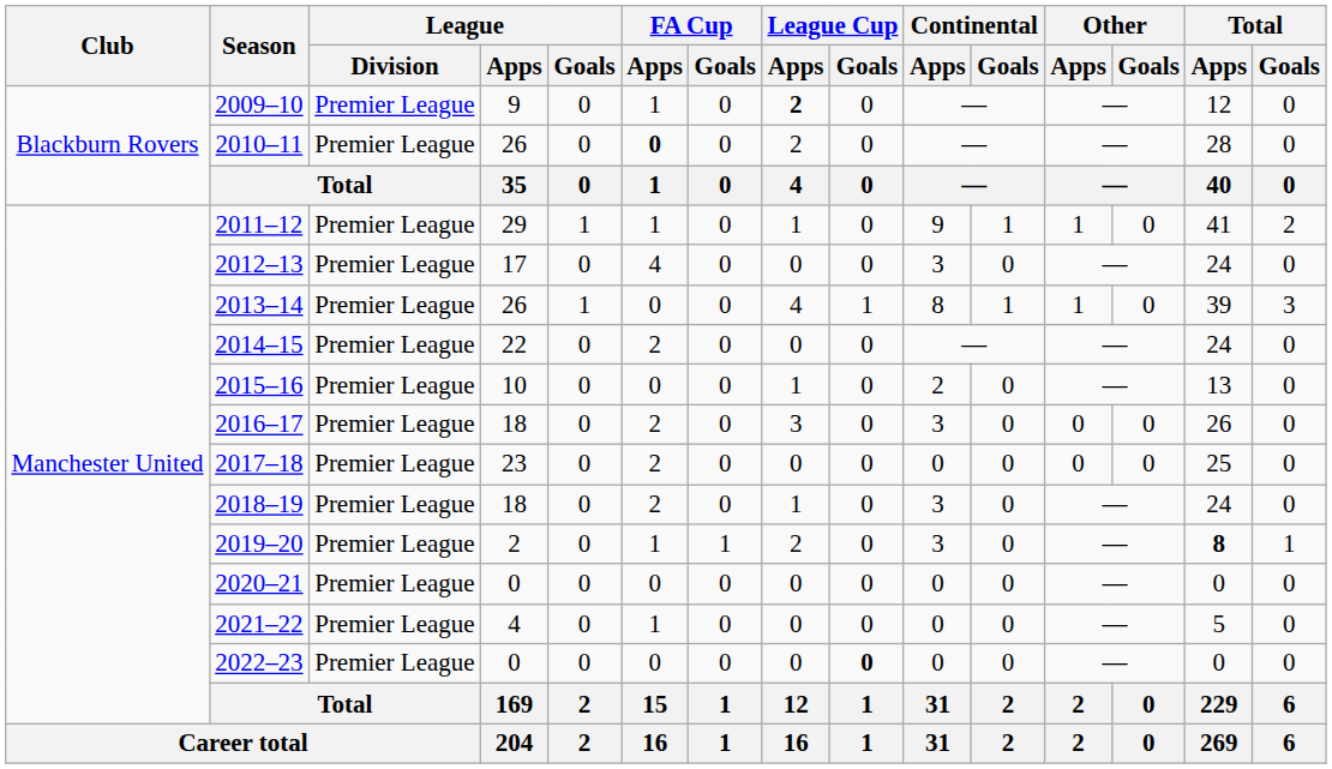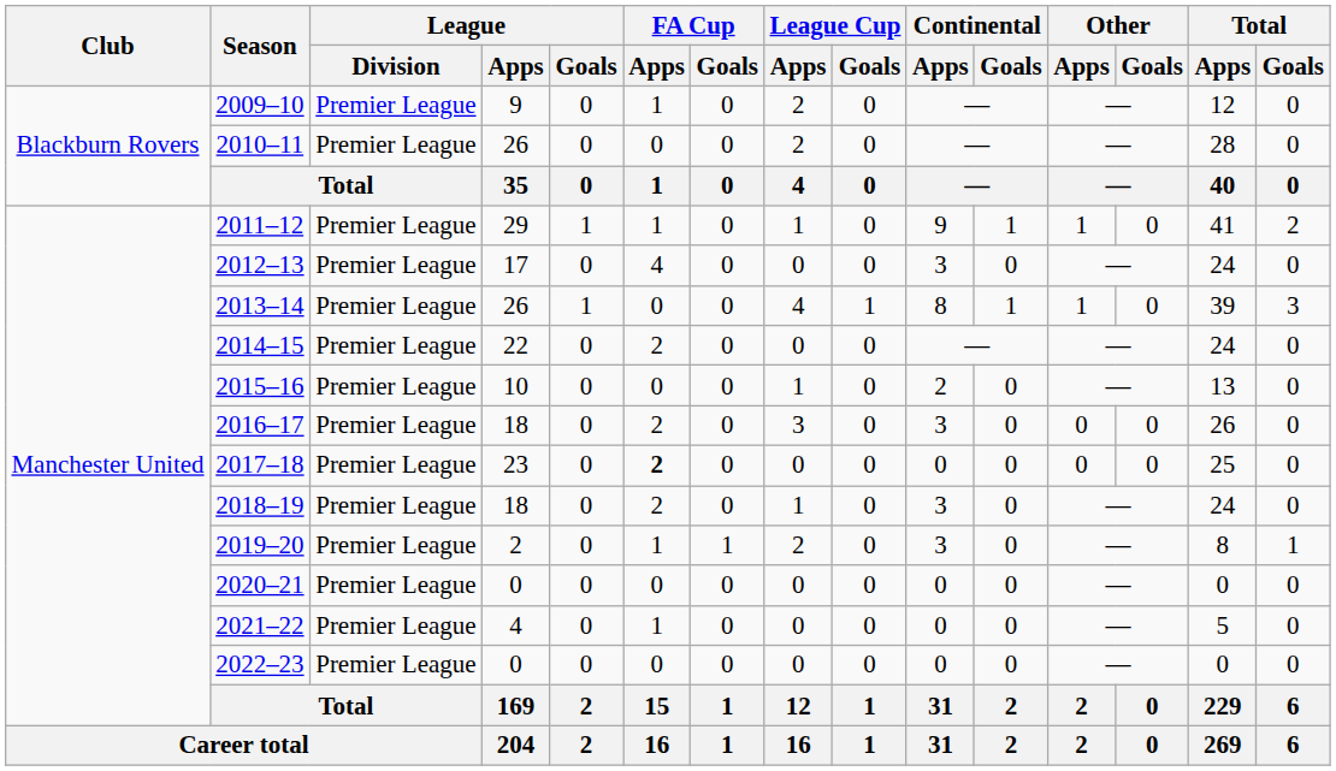 <table class=wikitable style=text-align:center>
 <tr>
 <th rowspan=2>Club</th>
 <th rowspan=2>Season</th>
 <th colspan=3>League</th>
 <th colspan=2><a href='#'>FA Cup</a></th>
 <th colspan=2><a href='#'>League Cup</a></th>
 <th colspan=2>Continental</th>
 <th colspan=2>Other</th>
 <th colspan=2>Total</th>
 </tr>
 <tr>
 <th>Division</th>
 <th>Apps</th>
 <th>Goals</th>
 <th>Apps</th>
 <th>Goals</th>
 <th>Apps</th>
 <th>Goals</th>
 <th>Apps</th>
 <th>Goals</th>
 <th>Apps</th>
 <th>Goals</th>
 <th>Apps</th>
 <th>Goals</th>
 </tr>
 <tr>
 <td rowspan=3><a href='#'>Blackburn Rovers</a></td>
 <td><a href='#'>2009–10</a></td>
 <td><a href='#'>Premier League</a></td>
 <td>9</td>
 <td>0</td>
 <td>1</td>
 <td>0</td>
-<td><strong>2</strong></td>
+<td>2</td>
 <td>0</td>
 <td colspan=2>—</td>
 <td colspan=2>—</td>
 <td>12</td>
 <td>0</td>
 </tr>
 <tr>
 <td><a href='#'>2010–11</a></td>
 <td>Premier League</td>
 <td>26</td>
 <td>0</td>
-<td><strong>0</strong></td>
+<td>0</td>
 <td>0</td>
 <td>2</td>
 <td>0</td>
 <td colspan=2>—</td>
 <td colspan=2>—</td>
 <td>28</td>
 <td>0</td>
 </tr>
 <tr>
 <th colspan=2>Total</th>
 <th>35</th>
 <th>0</th>
 <th>1</th>
 <th>0</th>
 <th>4</th>
 <th>0</th>
 <th colspan=2>—</th>
 <th colspan=2>—</th>
 <th>40</th>
 <th>0</th>
 </tr>
 <tr>
 <td rowspan=13><a href='#'>Manchester United</a></td>
 <td><a href='#'>2011–12</a></td>
 <td>Premier League</td>
 <td>29</td>
 <td>1</td>
 <td>1</td>
 <td>0</td>
 <td>1</td>
 <td>0</td>
 <td>9</td>
 <td>1</td>
 <td>1</td>
 <td>0</td>
 <td>41</td>
 <td>2</td>
 </tr>
 <tr>
 <td><a href='#'>2012–13</a></td>
 <td>Premier League</td>
 <td>17</td>
 <td>0</td>
 <td>4</td>
 <td>0</td>
 <td>0</td>
 <td>0</td>
 <td>3</td>
 <td>0</td>
 <td colspan=2>—</td>
 <td>24</td>
 <td>0</td>
 </tr>
 <tr>
 <td><a href='#'>2013–14</a></td>
 <td>Premier League</td>
 <td>26</td>
 <td>1</td>
 <td>0</td>
 <td>0</td>
 <td>4</td>
 <td>1</td>
 <td>8</td>
 <td>1</td>
 <td>1</td>
 <td>0</td>
 <td>39</td>
 <td>3</td>
 </tr>
 <tr>
 <td><a href='#'>2014–15</a></td>
 <td>Premier League</td>
 <td>22</td>
 <td>0</td>
 <td>2</td>
 <td>0</td>
 <td>0</td>
 <td>0</td>
 <td colspan=2>—</td>
 <td colspan=2>—</td>
 <td>24</td>
 <td>0</td>
 </tr>
 <tr>
 <td><a href='#'>2015–16</a></td>
 <td>Premier League</td>
 <td>10</td>
 <td>0</td>
 <td>0</td>
 <td>0</td>
 <td>1</td>
 <td>0</td>
 <td>2</td>
 <td>0</td>
 <td colspan=2>—</td>
 <td>13</td>
 <td>0</td>
 </tr>
 <tr>
 <td><a href='#'>2016–17</a></td>
 <td>Premier League</td>
 <td>18</td>
 <td>0</td>
 <td>2</td>
 <td>0</td>
 <td>3</td>
 <td>0</td>
 <td>3</td>
 <td>0</td>
 <td>0</td>
 <td>0</td>
 <td>26</td>
 <td>0</td>
 </tr>
 <tr>
 <td><a href='#'>2017–18</a></td>
 <td>Premier League</td>
 <td>23</td>
 <td>0</td>
-<td>2</td>
+<td><strong>2</strong></td>
 <td>0</td>
 <td>0</td>
 <td>0</td>
 <td>0</td>
 <td>0</td>
 <td>0</td>
 <td>0</td>
 <td>25</td>
 <td>0</td>
 </tr>
 <tr>
 <td><a href='#'>2018–19</a></td>
 <td>Premier League</td>
 <td>18</td>
 <td>0</td>
 <td>2</td>
 <td>0</td>
 <td>1</td>
 <td>0</td>
 <td>3</td>
 <td>0</td>
 <td colspan=2>—</td>
 <td>24</td>
 <td>0</td>
 </tr>
 <tr>
 <td><a href='#'>2019–20</a></td>
 <td>Premier League</td>
 <td>2</td>
 <td>0</td>
 <td>1</td>
 <td>1</td>
 <td>2</td>
 <td>0</td>
 <td>3</td>
 <td>0</td>
 <td colspan=2>—</td>
-<td><strong>8</strong></td>
+<td>8</td>
 <td>1</td>
 </tr>
 <tr>
 <td><a href='#'>2020–21</a></td>
 <td>Premier League</td>
 <td>0</td>
 <td>0</td>
 <td>0</td>
 <td>0</td>
 <td>0</td>
 <td>0</td>
 <td>0</td>
 <td>0</td>
 <td colspan=2>—</td>
 <td>0</td>
 <td>0</td>
 </tr>
 <tr>
 <td><a href='#'>2021–22</a></td>
 <td>Premier League</td>
 <td>4</td>
 <td>0</td>
 <td>1</td>
 <td>0</td>
 <td>0</td>
 <td>0</td>
 <td>0</td>
 <td>0</td>
 <td colspan=2>—</td>
 <td>5</td>
 <td>0</td>
 </tr>
 <tr>
 <td><a href='#'>2022–23</a></td>
 <td>Premier League</td>
 <td>0</td>
 <td>0</td>
 <td>0</td>
 <td>0</td>
 <td>0</td>
-<td><strong>0</strong></td>
+<td>0</td>
 <td>0</td>
 <td>0</td>
 <td colspan=2>—</td>
 <td>0</td>
 <td>0</td>
 </tr>
 <tr>
 <th colspan=2>Total</th>
 <th>169</th>
 <th>2</th>
 <th>15</th>
 <th>1</th>
 <th>12</th>
 <th>1</th>
 <th>31</th>
 <th>2</th>
 <th>2</th>
 <th>0</th>
 <th>229</th>
 <th>6</th>
 </tr>
 <tr>
 <th colspan=3>Career total</th>
 <th>204</th>
 <th>2</th>
 <th>16</th>
 <th>1</th>
 <th>16</th>
 <th>1</th>
 <th>31</th>
 <th>2</th>
 <th>2</th>
 <th>0</th>
 <th>269</th>
 <th>6</th>
 </tr>
 </table>
